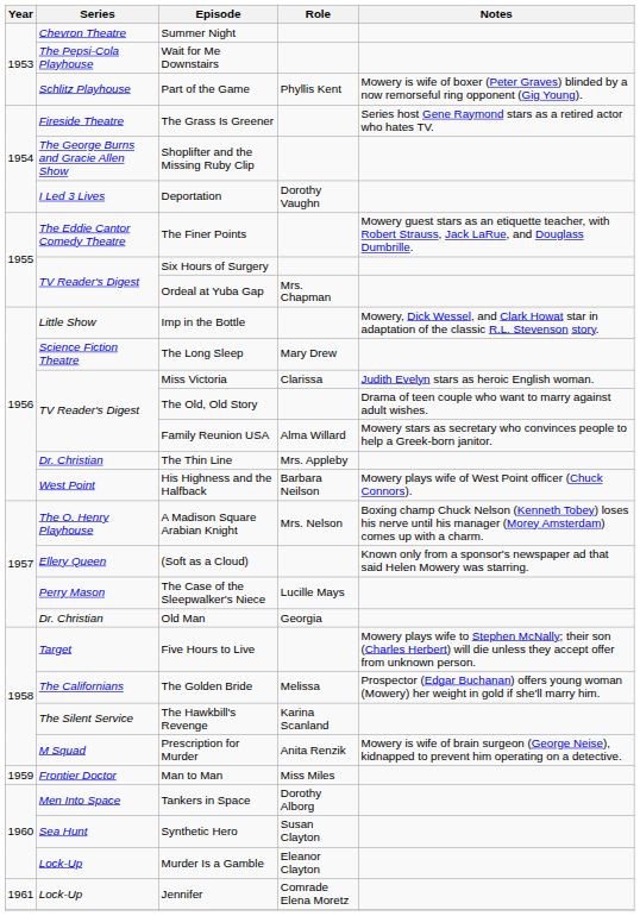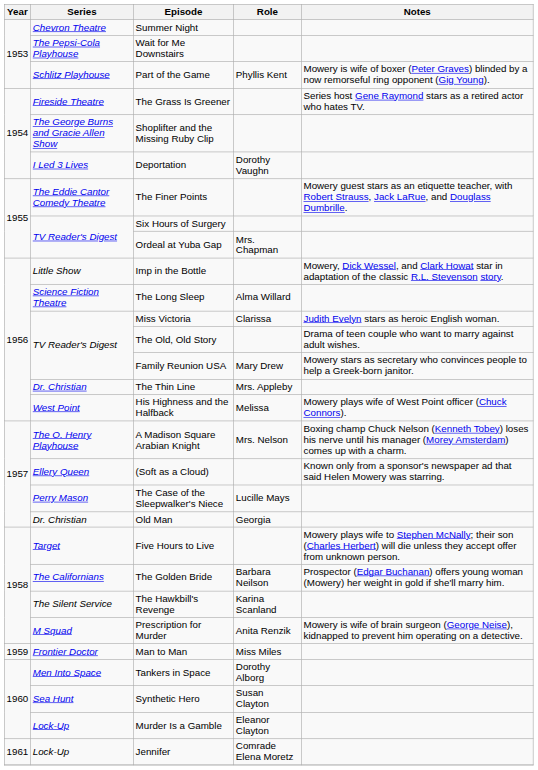 <table class="wikitable sortable plainrowheaders">
 <tr>
 <th scope="col">Year</th>
 <th scope="col">Series</th>
 <th scope="col">Episode</th>
 <th scope="col">Role</th>
 <th scope="col">Notes</th>
 </tr>
 <tr>
 <td rowspan=3>1953</td>
 <td><em><a href='#'>Chevron Theatre</a></em></td>
 <td>Summer Night</td>
 <td></td>
 <td></td>
 </tr>
 <tr>
 <td><em><a href='#'>The Pepsi-Cola Playhouse</a></em></td>
 <td>Wait for Me Downstairs</td>
 <td></td>
 <td></td>
 </tr>
 <tr>
 <td><em><a href='#'>Schlitz Playhouse</a></em></td>
 <td>Part of the Game</td>
 <td>Phyllis Kent</td>
 <td>Mowery is wife of boxer (<a href='#'>Peter Graves</a>) blinded by a now remorseful ring opponent (<a href='#'>Gig Young</a>).</td>
 </tr>
 <tr>
 <td rowspan=3>1954</td>
 <td><em><a href='#'>Fireside Theatre</a></em></td>
 <td>The Grass Is Greener</td>
 <td></td>
 <td>Series host <a href='#'>Gene Raymond</a> stars as a retired actor who hates TV.</td>
 </tr>
 <tr>
 <td><em><a href='#'>The George Burns and Gracie Allen Show</a></em></td>
 <td>Shoplifter and the Missing Ruby Clip</td>
 <td></td>
 <td></td>
 </tr>
 <tr>
 <td><em><a href='#'>I Led 3 Lives</a></em></td>
 <td>Deportation</td>
 <td>Dorothy Vaughn</td>
 <td></td>
 </tr>
 <tr>
 <td rowspan=3>1955</td>
 <td><em><a href='#'>The Eddie Cantor Comedy Theatre</a></em></td>
 <td>The Finer Points</td>
 <td></td>
 <td>Mowery guest stars as an etiquette teacher, with <a href='#'>Robert Strauss</a>, <a href='#'>Jack LaRue</a>, and <a href='#'>Douglass Dumbrille</a>.</td>
 </tr>
 <tr>
 <td rowspan=2><em><a href='#'>TV Reader's Digest</a></em></td>
 <td>Six Hours of Surgery</td>
 <td></td>
 <td></td>
 </tr>
 <tr>
 <td>Ordeal at Yuba Gap</td>
 <td>Mrs. Chapman</td>
 <td></td>
 </tr>
 <tr>
 <td rowspan=7>1956</td>
 <td><em>Little Show</em></td>
 <td>Imp in the Bottle</td>
 <td></td>
 <td>Mowery, <a href='#'>Dick Wessel</a>, and <a href='#'>Clark Howat</a> star in adaptation of the classic <a href='#'>R.L. Stevenson</a> <a href='#'>story</a>.</td>
 </tr>
 <tr>
 <td><em><a href='#'>Science Fiction Theatre</a></em></td>
 <td>The Long Sleep</td>
-<td>Mary Drew</td>
+<td>Alma Willard</td>
 <td></td>
 </tr>
 <tr>
 <td rowspan=3><em>TV Reader's Digest</em></td>
 <td>Miss Victoria</td>
 <td>Clarissa</td>
 <td><a href='#'>Judith Evelyn</a> stars as heroic English woman.</td>
 </tr>
 <tr>
 <td>The Old, Old Story</td>
 <td></td>
 <td>Drama of teen couple who want to marry against adult wishes.</td>
 </tr>
 <tr>
 <td>Family Reunion USA</td>
-<td>Alma Willard</td>
+<td>Mary Drew</td>
 <td>Mowery stars as secretary who convinces people to help a Greek-born janitor.</td>
 </tr>
 <tr>
 <td><em><a href='#'>Dr. Christian</a></em></td>
 <td>The Thin Line</td>
 <td>Mrs. Appleby</td>
 <td></td>
 </tr>
 <tr>
 <td><em><a href='#'>West Point</a></em></td>
 <td>His Highness and the Halfback</td>
-<td>Barbara Neilson</td>
+<td>Melissa</td>
 <td>Mowery plays wife of West Point officer (<a href='#'>Chuck Connors</a>).</td>
 </tr>
 <tr>
 <td rowspan=4>1957</td>
 <td><em><a href='#'>The O. Henry Playhouse</a></em></td>
 <td>A Madison Square Arabian Knight</td>
 <td>Mrs. Nelson</td>
 <td>Boxing champ Chuck Nelson (<a href='#'>Kenneth Tobey</a>) loses his nerve until his manager (<a href='#'>Morey Amsterdam</a>) comes up with a charm.</td>
 </tr>
 <tr>
 <td><em><a href='#'>Ellery Queen</a></em></td>
 <td>(Soft as a Cloud)</td>
 <td></td>
 <td>Known only from a sponsor's newspaper ad that said Helen Mowery was starring.</td>
 </tr>
 <tr>
 <td><em><a href='#'>Perry Mason</a></em></td>
 <td>The Case of the Sleepwalker's Niece</td>
 <td>Lucille Mays</td>
 <td></td>
 </tr>
 <tr>
 <td><em>Dr. Christian</em></td>
 <td>Old Man</td>
 <td>Georgia</td>
 <td></td>
 </tr>
 <tr>
 <td rowspan=4>1958</td>
 <td><em><a href='#'>Target</a></em></td>
 <td>Five Hours to Live</td>
 <td></td>
 <td>Mowery plays wife to <a href='#'>Stephen McNally</a>; their son (<a href='#'>Charles Herbert</a>) will die unless they accept offer from unknown person.</td>
 </tr>
 <tr>
 <td><em><a href='#'>The Californians</a></em></td>
 <td>The Golden Bride</td>
-<td>Melissa</td>
+<td>Barbara Neilson</td>
 <td>Prospector (<a href='#'>Edgar Buchanan</a>) offers young woman (Mowery) her weight in gold if she'll marry him.</td>
 </tr>
 <tr>
 <td><em>The Silent Service</em></td>
 <td>The Hawkbill's Revenge</td>
 <td>Karina Scanland</td>
 <td></td>
 </tr>
 <tr>
 <td><em><a href='#'>M Squad</a></em></td>
 <td>Prescription for Murder</td>
 <td>Anita Renzik</td>
 <td>Mowery is wife of brain surgeon (<a href='#'>George Neise</a>), kidnapped to prevent him operating on a detective.</td>
 </tr>
 <tr>
 <td>1959</td>
 <td><em><a href='#'>Frontier Doctor</a></em></td>
 <td>Man to Man</td>
 <td>Miss Miles</td>
 <td></td>
 </tr>
 <tr>
 <td rowspan=3>1960</td>
 <td><em><a href='#'>Men Into Space</a></em></td>
 <td>Tankers in Space</td>
 <td>Dorothy Alborg</td>
 <td></td>
 </tr>
 <tr>
 <td><em><a href='#'>Sea Hunt</a></em></td>
 <td>Synthetic Hero</td>
 <td>Susan Clayton</td>
 <td></td>
 </tr>
 <tr>
 <td><em><a href='#'>Lock-Up</a></em></td>
 <td>Murder Is a Gamble</td>
 <td>Eleanor Clayton</td>
 <td></td>
 </tr>
 <tr>
 <td>1961</td>
 <td><em>Lock-Up</em></td>
 <td>Jennifer</td>
 <td>Comrade Elena Moretz</td>
 <td></td>
 </tr>
 <tr>
 </tr>
 </table>
